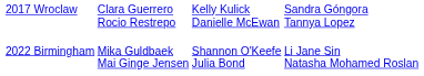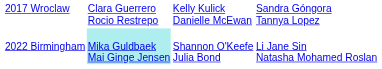 <table>
 <tr>
 <td><a href='#'>2017 Wroclaw</a></td>
 <td><br><a href='#'>Clara Guerrero</a><br><a href='#'>Rocio Restrepo</a></td>
 <td><br><a href='#'>Kelly Kulick</a><br><a href='#'>Danielle McEwan</a></td>
 <td><br><a href='#'>Sandra Góngora</a><br><a href='#'>Tannya Lopez</a></td>
 </tr>
 <tr>
 <td><a href='#'>2022 Birmingham</a></td>
-<td><br><a href='#'>Mika Guldbaek</a><br><a href='#'>Mai Ginge Jensen</a></td>
+<td style="background: paleturquoise;"><br><a href='#'>Mika Guldbaek</a><br><a href='#'>Mai Ginge Jensen</a></td>
 <td><br><a href='#'>Shannon O'Keefe</a><br><a href='#'>Julia Bond</a></td>
 <td><br><a href='#'>Li Jane Sin</a><br><a href='#'>Natasha Mohamed Roslan</a></td>
 </tr>
 </table>
